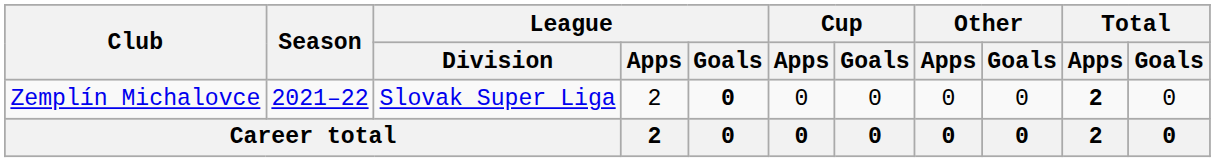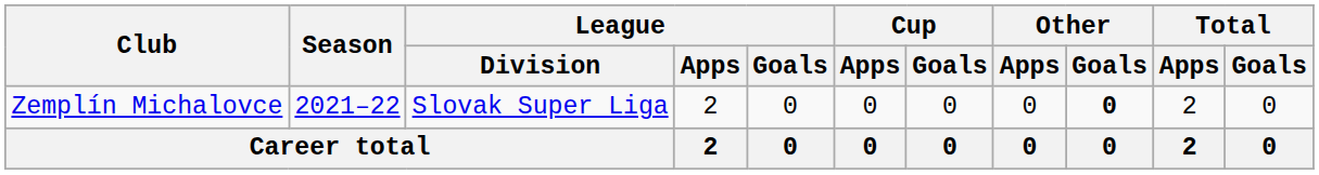 <table class="wikitable" style="text-align: center">
 <tr>
 <th rowspan="2">Club</th>
 <th rowspan="2">Season</th>
 <th colspan="3">League</th>
 <th colspan="2">Cup</th>
 <th colspan="2">Other</th>
 <th colspan="2">Total</th>
 </tr>
 <tr>
 <th>Division</th>
 <th>Apps</th>
 <th>Goals</th>
 <th>Apps</th>
 <th>Goals</th>
 <th>Apps</th>
 <th>Goals</th>
 <th>Apps</th>
 <th>Goals</th>
 </tr>
 <tr>
 <td><a href='#'>Zemplín Michalovce</a></td>
 <td><a href='#'>2021–22</a></td>
 <td><a href='#'>Slovak Super Liga</a></td>
 <td>2</td>
-<td><strong>0</strong></td>
 <td>0</td>
 <td>0</td>
 <td>0</td>
 <td>0</td>
-<td><strong>2</strong></td>
+<td><strong>0</strong></td>
+<td>2</td>
 <td>0</td>
 </tr>
 <tr>
 <th colspan=3>Career total</th>
 <th>2</th>
 <th>0</th>
 <th>0</th>
 <th>0</th>
 <th>0</th>
 <th>0</th>
 <th>2</th>
 <th>0</th>
 </tr>
 </table>
